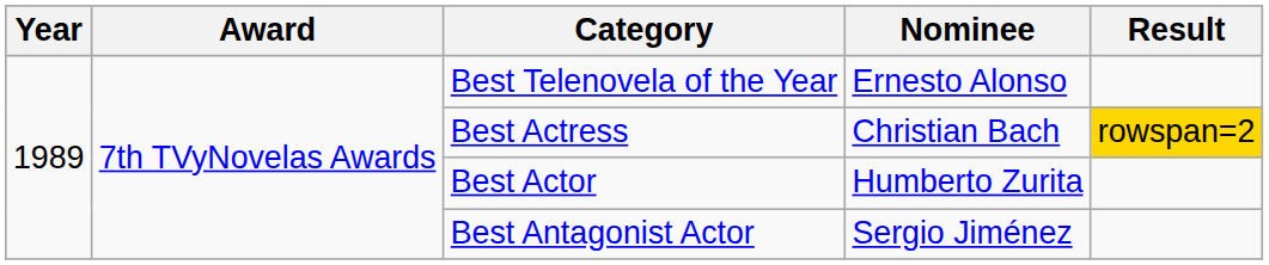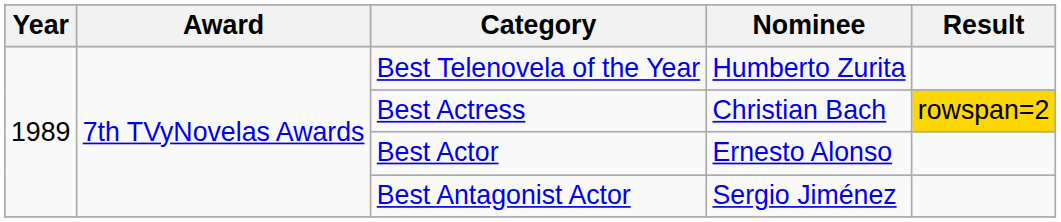 <table class="wikitable">
 <tr style="background:#b0c4de;">
 <th>Year</th>
 <th>Award</th>
 <th>Category</th>
 <th>Nominee</th>
 <th>Result</th>
 </tr>
 <tr>
 <td rowspan=4>1989</td>
 <td rowspan=4><a href='#'>7th TVyNovelas Awards</a></td>
 <td><a href='#'>Best Telenovela of the Year</a></td>
-<td><a href='#'>Ernesto Alonso</a></td>
+<td><a href='#'>Humberto Zurita</a></td>
 <td></td>
 </tr>
 <tr>
 <td><a href='#'>Best Actress</a></td>
 <td><a href='#'>Christian Bach</a></td>
 <td style="background: gold;">rowspan=2 </td>
 </tr>
 <tr>
 <td><a href='#'>Best Actor</a></td>
-<td><a href='#'>Humberto Zurita</a></td>
+<td><a href='#'>Ernesto Alonso</a></td>
 </tr>
 <tr>
 <td><a href='#'>Best Antagonist Actor</a></td>
 <td><a href='#'>Sergio Jiménez</a></td>
 <td></td>
 </tr>
 </table>
